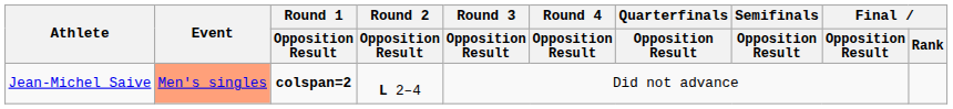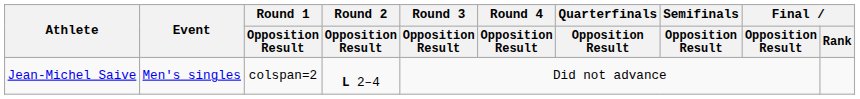 <table class="wikitable" style="font-size:90%">
 <tr>
 <th rowspan="2">Athlete</th>
 <th rowspan="2">Event</th>
 <th>Round 1</th>
 <th>Round 2</th>
 <th>Round 3</th>
 <th>Round 4</th>
 <th>Quarterfinals</th>
 <th>Semifinals</th>
 <th colspan=2>Final / </th>
 </tr>
 <tr style="font-size:95%">
 <th>Opposition<br>Result</th>
 <th>Opposition<br>Result</th>
 <th>Opposition<br>Result</th>
 <th>Opposition<br>Result</th>
 <th>Opposition<br>Result</th>
 <th>Opposition<br>Result</th>
 <th>Opposition<br>Result</th>
 <th>Rank</th>
 </tr>
 <tr align=center>
 <td align=left><a href='#'>Jean-Michel Saive</a></td>
-<td align=left style="background: lightsalmon;"><a href='#'>Men's singles</a></td>
-<td><strong>colspan=2 </strong></td>
+<td align=left><a href='#'>Men's singles</a></td>
+<td>colspan=2 </td>
 <td><br><strong>L</strong> 2–4</td>
 <td colspan=5>Did not advance</td>
 </tr>
 </table>
